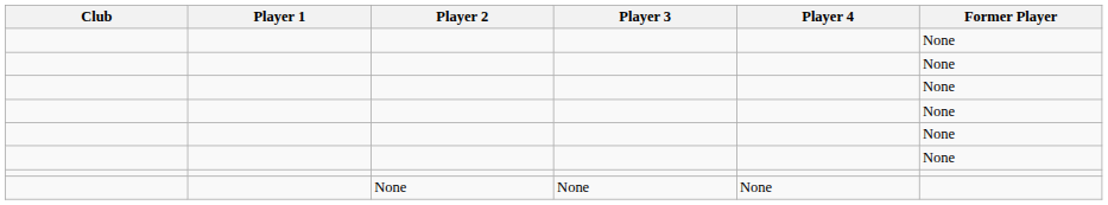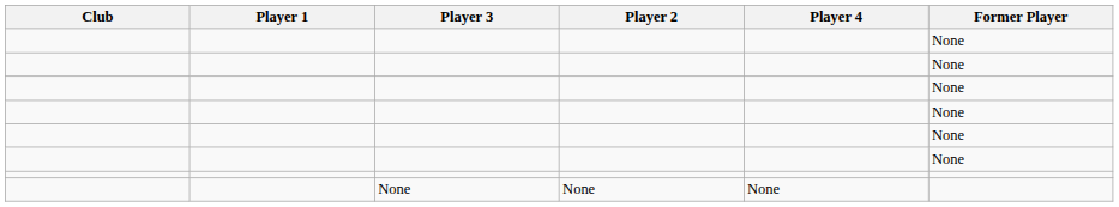 <table class="wikitable ">
 <tr>
 <th style="width:190px;">Club</th>
 <th style="width:190px;">Player 1</th>
+<th style="width:190px;">Player 3</th>
 <th style="width:190px;">Player 2</th>
-<th style="width:190px;">Player 3</th>
 <th style="width:190px;">Player 4</th>
 <th style="width:190px;">Former Player</th>
 </tr>
 <tr>
 <td></td>
 <td></td>
 <td></td>
 <td></td>
 <td></td>
 <td>None</td>
 </tr>
 <tr>
 <td></td>
 <td></td>
 <td></td>
 <td></td>
 <td></td>
 <td>None</td>
 </tr>
 <tr>
 <td></td>
 <td></td>
 <td></td>
 <td></td>
 <td></td>
 <td>None</td>
 </tr>
 <tr>
 <td></td>
 <td></td>
 <td></td>
 <td></td>
 <td></td>
 <td>None</td>
 </tr>
 <tr>
 <td></td>
 <td></td>
 <td></td>
 <td></td>
 <td></td>
 <td>None</td>
 </tr>
 <tr>
 <td></td>
 <td></td>
 <td></td>
 <td></td>
 <td></td>
 <td>None</td>
 </tr>
 <tr>
 <td></td>
 <td></td>
 <td></td>
 <td></td>
 <td></td>
 <td></td>
 </tr>
 <tr>
 <td></td>
 <td></td>
 <td>None</td>
 <td>None</td>
 <td>None</td>
 <td></td>
 </tr>
 </table>
